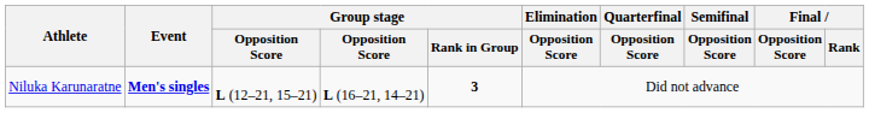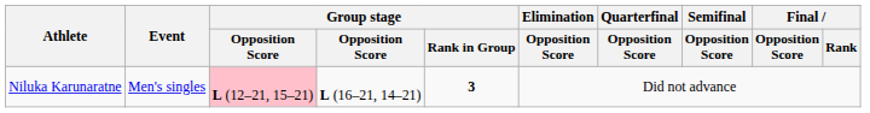 <table class="wikitable" style="font-size:90%">
 <tr>
 <th rowspan=2>Athlete</th>
 <th rowspan=2>Event</th>
 <th colspan=3>Group stage</th>
 <th>Elimination</th>
 <th>Quarterfinal</th>
 <th>Semifinal</th>
 <th colspan=2>Final / </th>
 </tr>
 <tr style="font-size:95%">
 <th>Opposition<br>Score</th>
 <th>Opposition<br>Score</th>
 <th>Rank in Group</th>
 <th>Opposition<br>Score</th>
 <th>Opposition<br>Score</th>
 <th>Opposition<br>Score</th>
 <th>Opposition<br>Score</th>
 <th>Rank</th>
 </tr>
 <tr align=center>
 <td align=left><a href='#'>Niluka Karunaratne</a></td>
-<td align=left><strong><a href='#'>Men's singles</a></strong></td>
-<td><br><strong>L</strong> (12–21, 15–21)</td>
+<td align=left><a href='#'>Men's singles</a></td>
+<td style="background: pink;"><br><strong>L</strong> (12–21, 15–21)</td>
 <td><br><strong>L</strong> (16–21, 14–21)</td>
 <td><strong>3</strong></td>
 <td colspan=5>Did not advance</td>
 </tr>
 </table>
